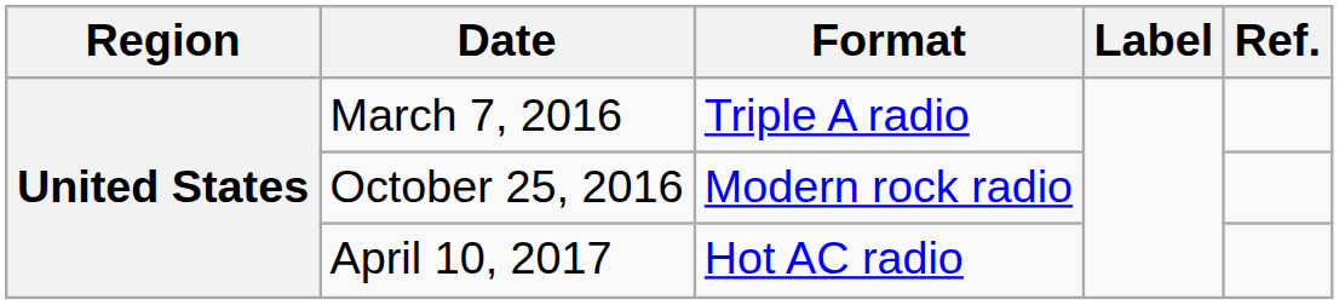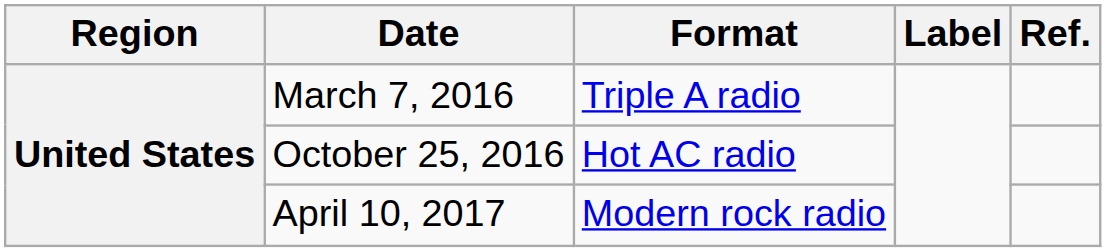 <table class="wikitable plainrowheaders">
 <tr>
 <th>Region</th>
 <th>Date</th>
 <th>Format</th>
 <th>Label</th>
 <th>Ref.</th>
 </tr>
 <tr>
 <th scope="row" rowspan="3">United States</th>
 <td>March 7, 2016</td>
 <td><a href='#'>Triple A radio</a></td>
 <td rowspan="3"></td>
 <td></td>
 </tr>
 <tr>
 <td>October 25, 2016</td>
-<td><a href='#'>Modern rock radio</a></td>
+<td><a href='#'>Hot AC radio</a></td>
 <td></td>
 </tr>
 <tr>
 <td>April 10, 2017</td>
-<td><a href='#'>Hot AC radio</a></td>
+<td><a href='#'>Modern rock radio</a></td>
 <td></td>
 </tr>
 </table>
